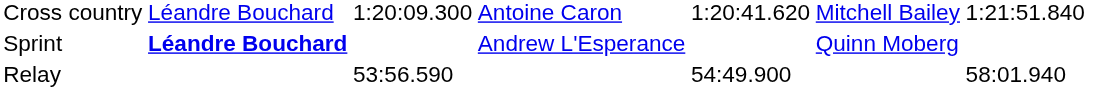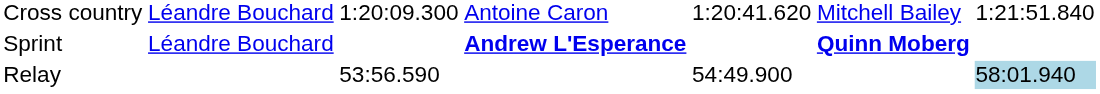 <table>
 <tr>
 <td>Cross country</td>
 <td><a href='#'>Léandre Bouchard</a><br></td>
 <td>1:20:09.300</td>
 <td><a href='#'>Antoine Caron</a><br></td>
 <td>1:20:41.620</td>
 <td><a href='#'>Mitchell Bailey</a><br></td>
 <td>1:21:51.840</td>
 </tr>
 <tr>
 <td>Sprint</td>
-<td><strong><a href='#'>Léandre Bouchard</a><br></strong></td>
+<td><a href='#'>Léandre Bouchard</a><br></td>
 <td></td>
-<td><a href='#'>Andrew L'Esperance</a><br></td>
+<td><strong><a href='#'>Andrew L'Esperance</a><br></strong></td>
 <td></td>
-<td><a href='#'>Quinn Moberg</a><br></td>
+<td><strong><a href='#'>Quinn Moberg</a><br></strong></td>
 <td></td>
 </tr>
 <tr>
 <td>Relay</td>
 <td></td>
 <td>53:56.590</td>
 <td></td>
 <td>54:49.900</td>
 <td></td>
-<td>58:01.940</td>
+<td style="background: lightblue;">58:01.940</td>
 </tr>
 </table>
